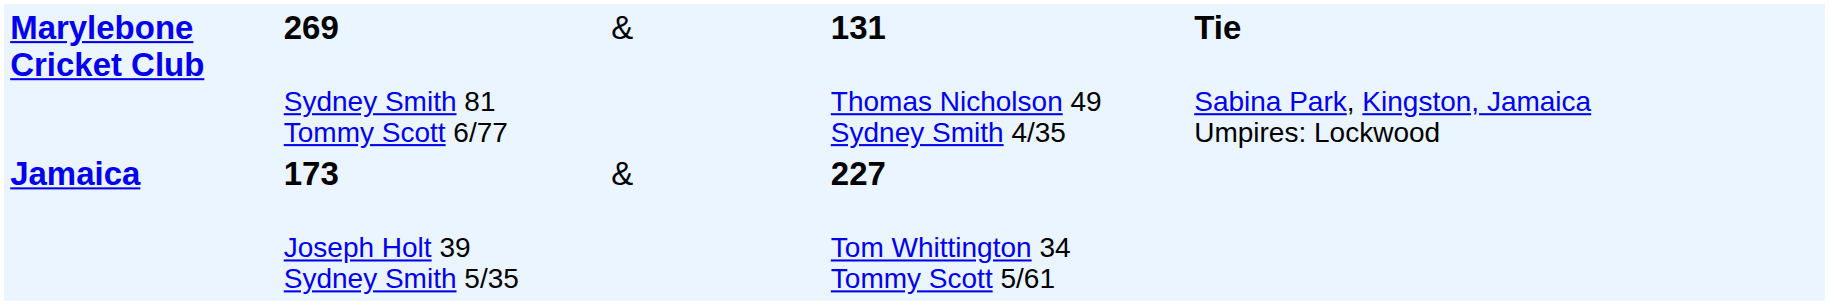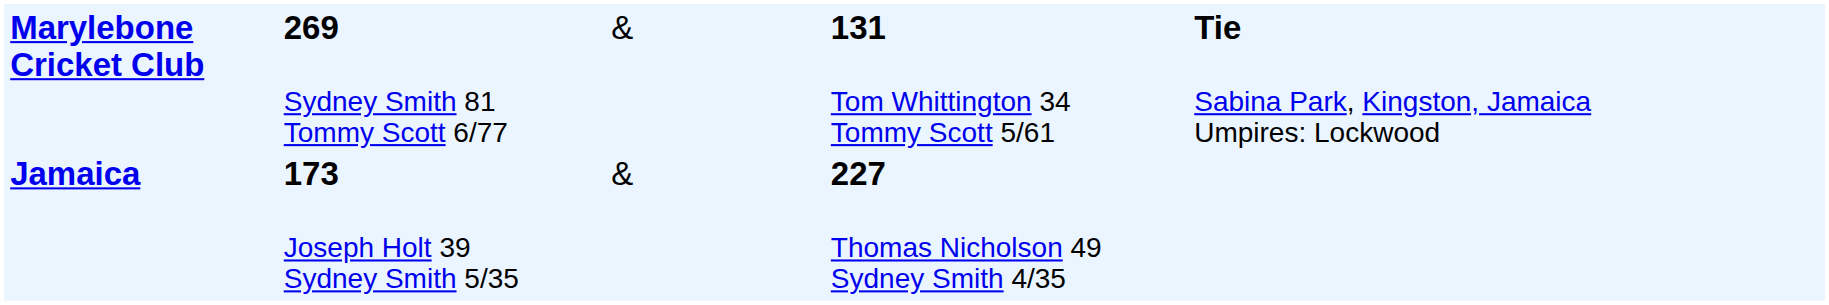 <table width="100%" style="background: #EBF5FF">
 <tr>
 <td width="15%" valign="top" rowspan="2"><strong><a href='#'>Marylebone Cricket Club</a></strong></td>
 <td width="18%"><strong>269</strong></td>
 <td width="12%">&</td>
 <td width="20%"><strong>131</strong></td>
 <td width="35%"><strong>Tie</strong></td>
 </tr>
 <tr>
 <td style="font-size: 85%;" valign="top"><br><a href='#'>Sydney Smith</a> 81<br> <a href='#'>Tommy Scott</a> 6/77</td>
 <td></td>
-<td valign="top" style="font-size: 85%;"><br><a href='#'>Thomas Nicholson</a> 49<br> <a href='#'>Sydney Smith</a> 4/35</td>
+<td style="font-size: 85%;"><br><a href='#'>Tom Whittington</a> 34<br> <a href='#'>Tommy Scott</a> 5/61</td>
 <td valign="top" style="font-size: 85%;" rowspan="3"><br><a href='#'>Sabina Park</a>, <a href='#'>Kingston, Jamaica</a><br> Umpires: Lockwood</td>
 </tr>
 <tr>
 <td valign="top" rowspan="2"><strong><a href='#'>Jamaica</a></strong></td>
 <td><strong>173</strong></td>
 <td>&</td>
 <td><strong>227</strong></td>
 </tr>
 <tr>
 <td style="font-size: 85%;"><br><a href='#'>Joseph Holt</a> 39<br> <a href='#'>Sydney Smith</a> 5/35</td>
 <td></td>
-<td style="font-size: 85%;"><br><a href='#'>Tom Whittington</a> 34<br> <a href='#'>Tommy Scott</a> 5/61</td>
+<td valign="top" style="font-size: 85%;"><br><a href='#'>Thomas Nicholson</a> 49<br> <a href='#'>Sydney Smith</a> 4/35</td>
 </tr>
 </table>
